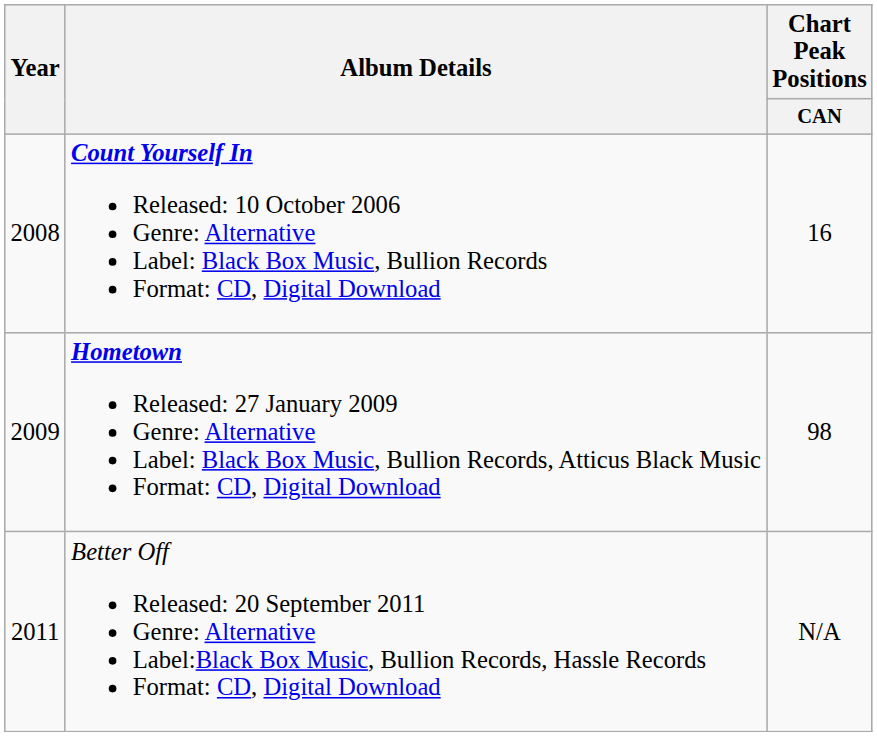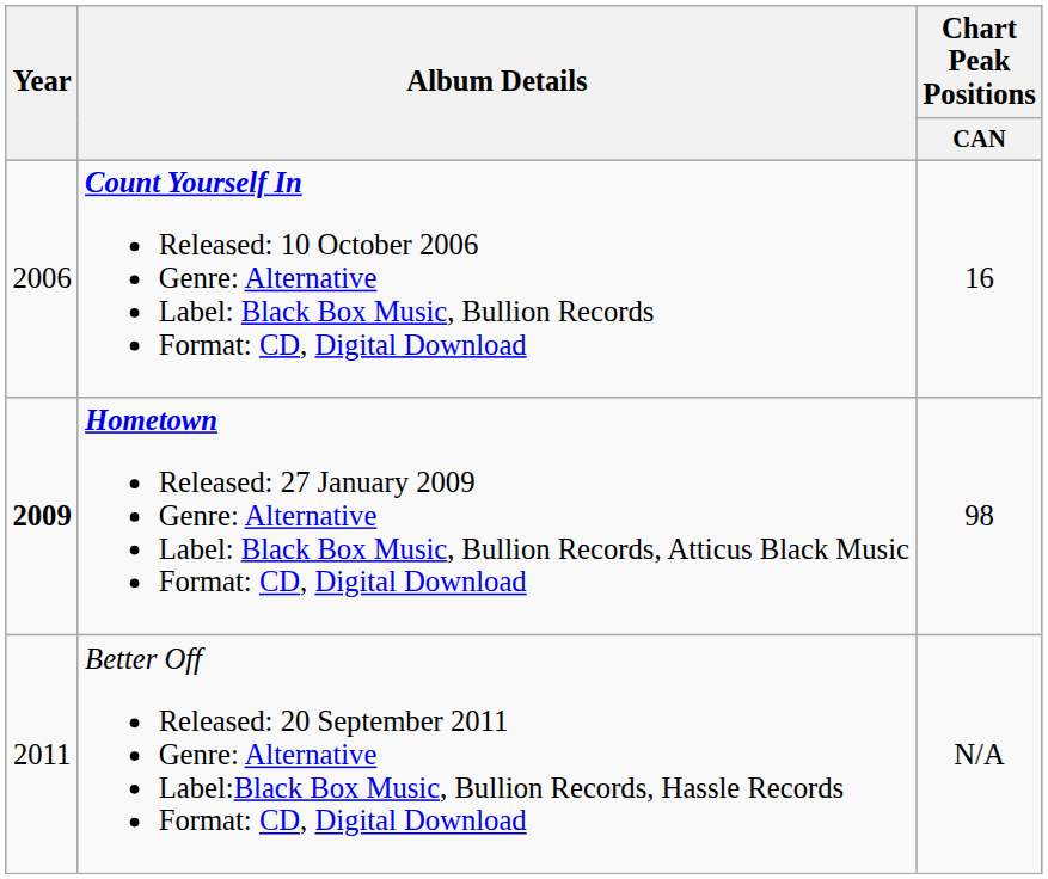 <table class=wikitable style=text-align:center;>
 <tr>
 <th rowspan=2>Year</th>
 <th rowspan=2>Album Details</th>
 <th>Chart Peak Positions</th>
 </tr>
 <tr style=font-size:smaller;>
 <th width=50>CAN</th>
 </tr>
 <tr>
-<td>2008</td>
+<td>2006</td>
 <td align=left><strong><em><a href='#'>Count Yourself In</a></em></strong><br><ul><li>Released: 10 October 2006</li><li>Genre: <a href='#'>Alternative</a></li><li>Label: <a href='#'>Black Box Music</a>, Bullion Records</li><li>Format: <a href='#'>CD</a>, <a href='#'>Digital Download</a></li></ul></td>
 <td>16</td>
 </tr>
 <tr>
-<td>2009</td>
+<td><strong>2009</strong></td>
 <td align=left><strong><em><a href='#'>Hometown</a></em></strong><br><ul><li>Released: 27 January 2009</li><li>Genre: <a href='#'>Alternative</a></li><li>Label: <a href='#'>Black Box Music</a>, Bullion Records, Atticus Black Music</li><li>Format: <a href='#'>CD</a>, <a href='#'>Digital Download</a></li></ul></td>
 <td>98</td>
 </tr>
 <tr>
 <td>2011</td>
 <td align=left><em>Better Off</em><br><ul><li>Released: 20 September 2011</li><li>Genre: <a href='#'>Alternative</a></li><li>Label:<a href='#'>Black Box Music</a>, Bullion Records, Hassle Records</li><li>Format: <a href='#'>CD</a>, <a href='#'>Digital Download</a></li></ul></td>
 <td>N/A</td>
 </tr>
 </table>
